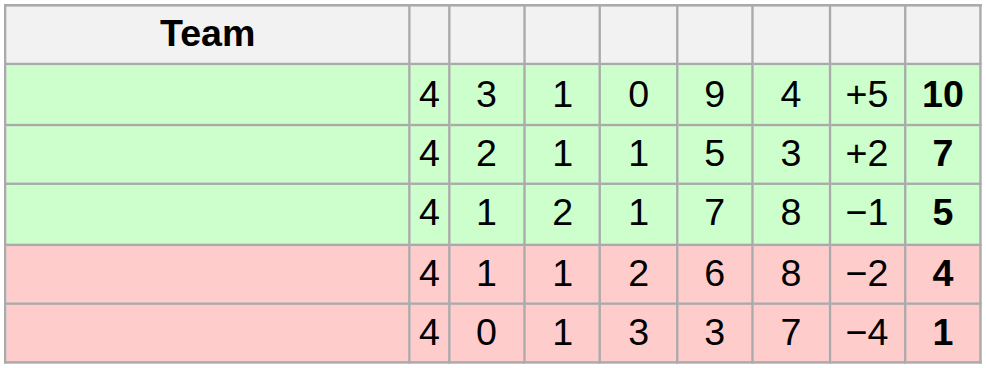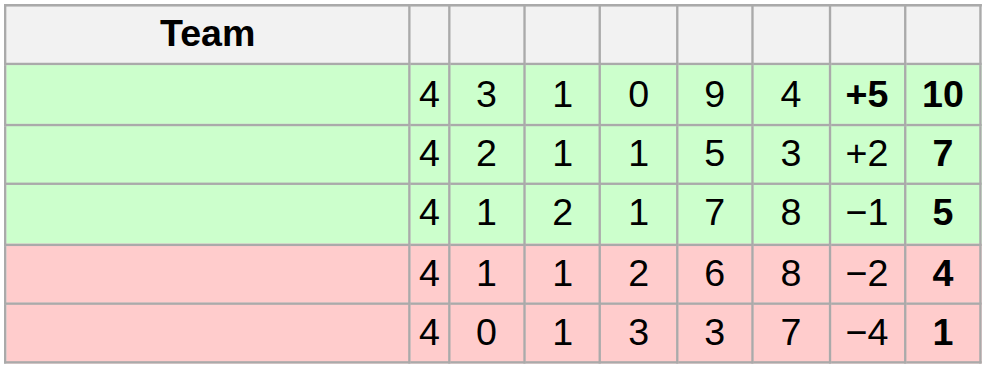 <table class="wikitable" style="text-align: center;">
 <tr>
 </tr>
 <tr>
 <th width=165>Team</th>
 <th wiBAN=20></th>
 <th width="25"></th>
 <th width="25"></th>
 <th width="25"></th>
 <th width="25"></th>
 <th width="25"></th>
 <th width="25"></th>
 <th width="25"></th>
 </tr>
 <tr bgcolor=CCFFCC>
 <td align=left></td>
 <td>4</td>
 <td>3</td>
 <td>1</td>
 <td>0</td>
 <td>9</td>
 <td>4</td>
-<td>+5</td>
+<td><strong>+5</strong></td>
 <td><strong>10</strong></td>
 </tr>
 <tr bgcolor=CCFFCC>
 <td align=left><strong></strong></td>
 <td>4</td>
 <td>2</td>
 <td>1</td>
 <td>1</td>
 <td>5</td>
 <td>3</td>
 <td>+2</td>
 <td><strong>7</strong></td>
 </tr>
 <tr bgcolor=CCFFCC>
 <td align=left></td>
 <td>4</td>
 <td>1</td>
 <td>2</td>
 <td>1</td>
 <td>7</td>
 <td>8</td>
 <td>−1</td>
 <td><strong>5</strong></td>
 </tr>
 <tr bgcolor=FFCCCC>
 <td align=left></td>
 <td>4</td>
 <td>1</td>
 <td>1</td>
 <td>2</td>
 <td>6</td>
 <td>8</td>
 <td>−2</td>
 <td><strong>4</strong></td>
 </tr>
 <tr bgcolor=FFCCCC>
 <td align=left></td>
 <td>4</td>
 <td>0</td>
 <td>1</td>
 <td>3</td>
 <td>3</td>
 <td>7</td>
 <td>−4</td>
 <td><strong>1</strong></td>
 </tr>
 </table>
